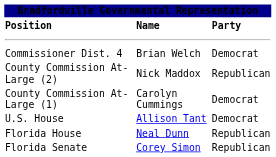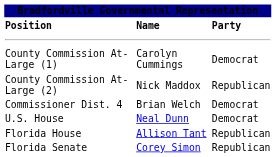 <table class="toccolours"  style="fixed:right; margin-left:1em; width:360px;">
 <tr>
 <th colspan="3" style="text-align: center; background:darkblue"><span><strong>Bradfordville Governmental Representation</strong></span></th>
 </tr>
 <tr>
 <td><strong>Position</strong></td>
 <td><strong>Name</strong></td>
 <td><strong>Party</strong></td>
 </tr>
 <tr>
 <td colspan="3"><hr></td>
 </tr>
 <tr>
-<td>Commissioner Dist. 4</td>
-<td>Brian Welch</td>
+<td>County Commission At-Large (1)</td>
+<td>Carolyn Cummings</td>
 <td><span>Democrat</span></td>
 </tr>
 <tr>
 <td>County Commission At-Large (2)</td>
 <td>Nick Maddox</td>
 <td><span>Republican</span></td>
 </tr>
 <tr>
-<td>County Commission At-Large (1)</td>
-<td>Carolyn Cummings</td>
+<td>Commissioner Dist. 4</td>
+<td>Brian Welch</td>
 <td><span>Democrat</span></td>
 </tr>
 <tr>
 <td>U.S. House</td>
-<td><a href='#'>Allison Tant</a></td>
+<td><a href='#'>Neal Dunn</a></td>
 <td><span>Democrat</span></td>
 </tr>
 <tr>
 <td>Florida House</td>
-<td><a href='#'>Neal Dunn</a></td>
+<td><a href='#'>Allison Tant</a></td>
 <td><span>Republican</span></td>
 </tr>
 <tr>
 <td>Florida Senate</td>
 <td><a href='#'>Corey Simon</a></td>
 <td><span>Republican</span></td>
 </tr>
 </table>
